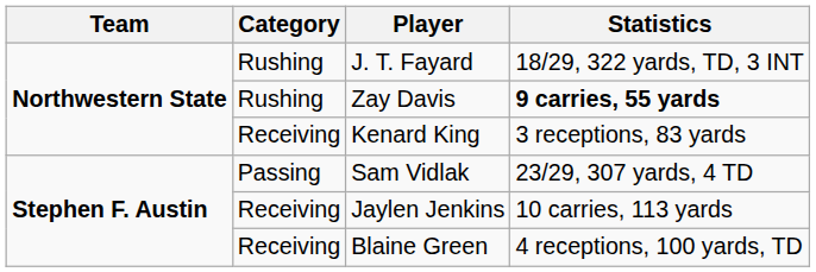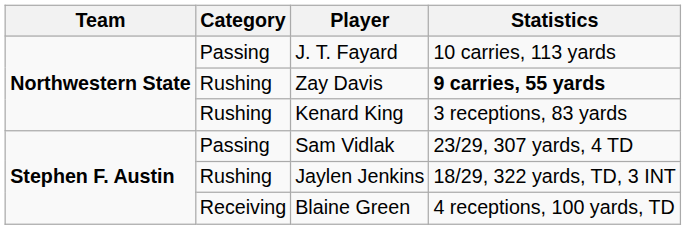 <table class="wikitable" style="float: right;">
 <tr>
 <th>Team</th>
 <th>Category</th>
 <th>Player</th>
 <th>Statistics</th>
 </tr>
 <tr>
 <td rowspan=3><strong>Northwestern State</strong></td>
-<td>Rushing</td>
+<td>Passing</td>
 <td>J. T. Fayard</td>
-<td>18/29, 322 yards, TD, 3 INT</td>
+<td>10 carries, 113 yards</td>
 </tr>
 <tr>
 <td>Rushing</td>
 <td>Zay Davis</td>
 <td><strong>9 carries, 55 yards</strong></td>
 </tr>
 <tr>
-<td>Receiving</td>
+<td>Rushing</td>
 <td>Kenard King</td>
 <td>3 receptions, 83 yards</td>
 </tr>
 <tr>
 <td rowspan=3><strong>Stephen F. Austin</strong></td>
 <td>Passing</td>
 <td>Sam Vidlak</td>
 <td>23/29, 307 yards, 4 TD</td>
 </tr>
 <tr>
-<td>Receiving</td>
+<td>Rushing</td>
 <td>Jaylen Jenkins</td>
-<td>10 carries, 113 yards</td>
+<td>18/29, 322 yards, TD, 3 INT</td>
 </tr>
 <tr>
 <td>Receiving</td>
 <td>Blaine Green</td>
 <td>4 receptions, 100 yards, TD</td>
 </tr>
 </table>
